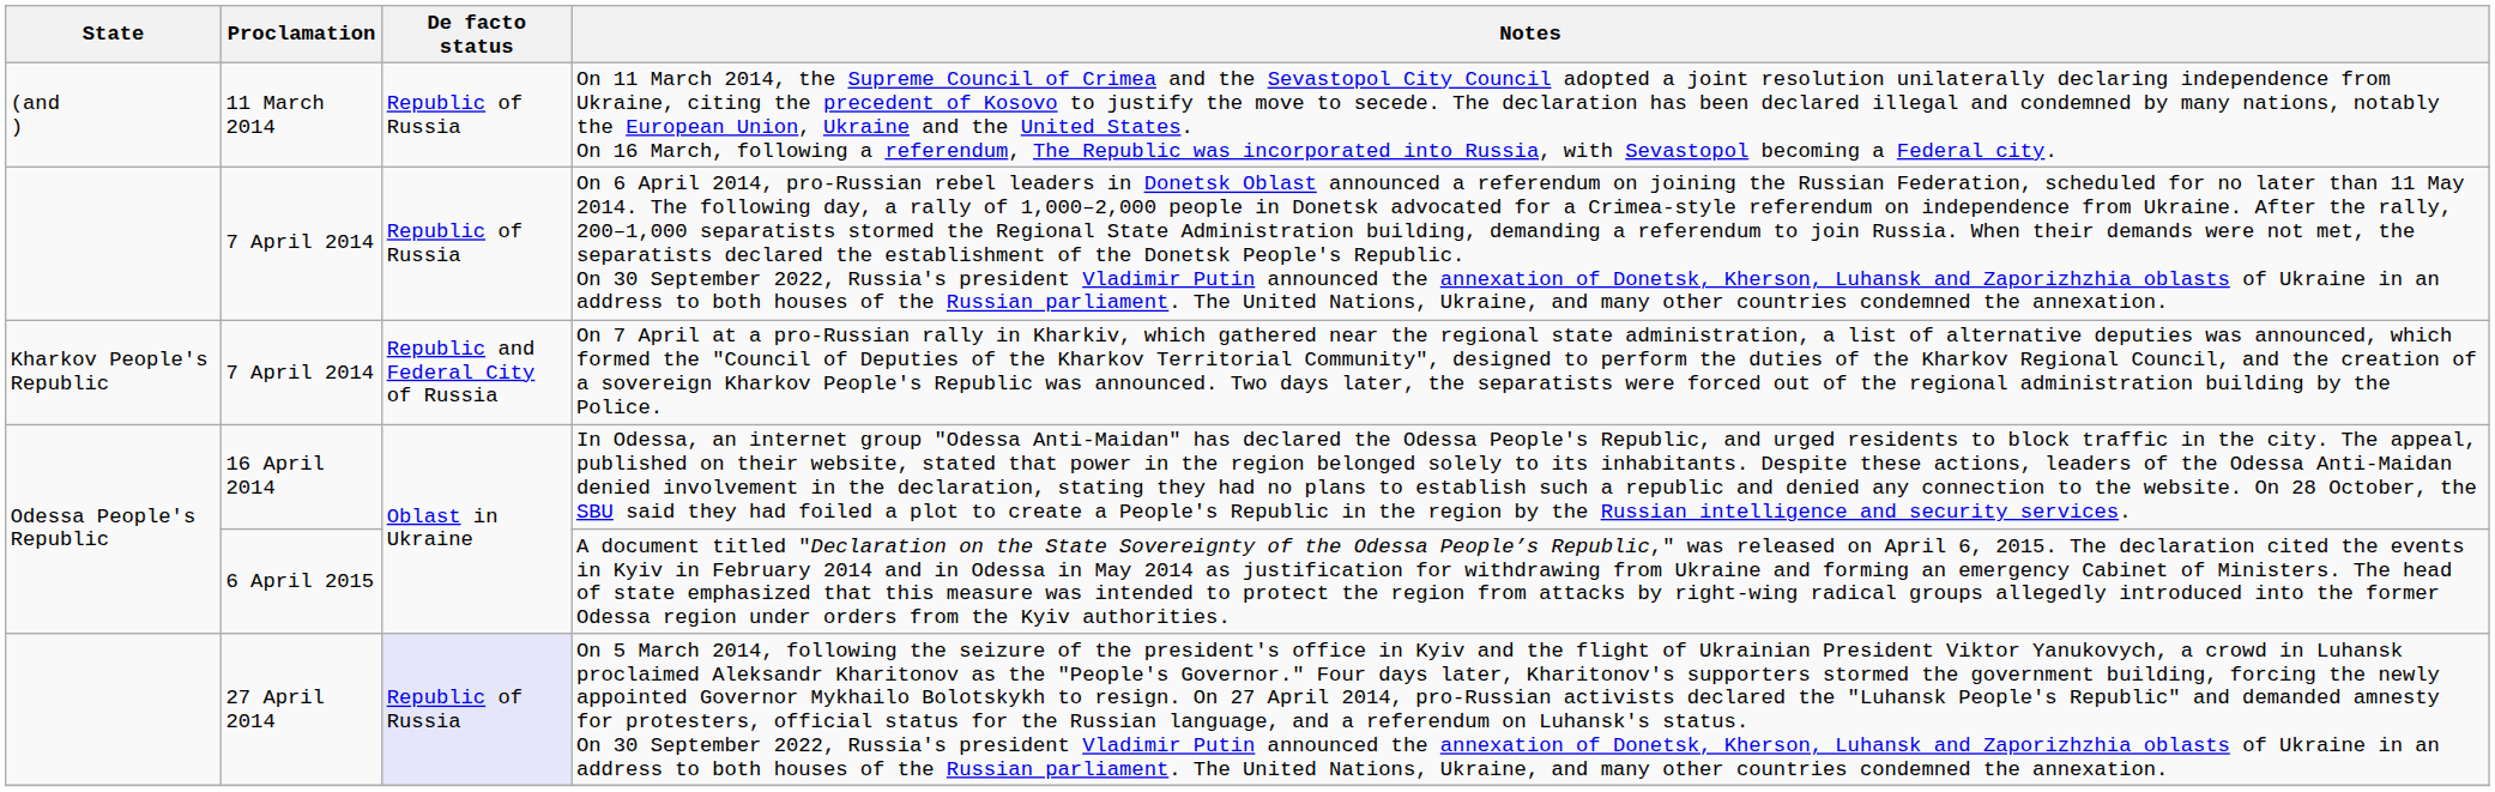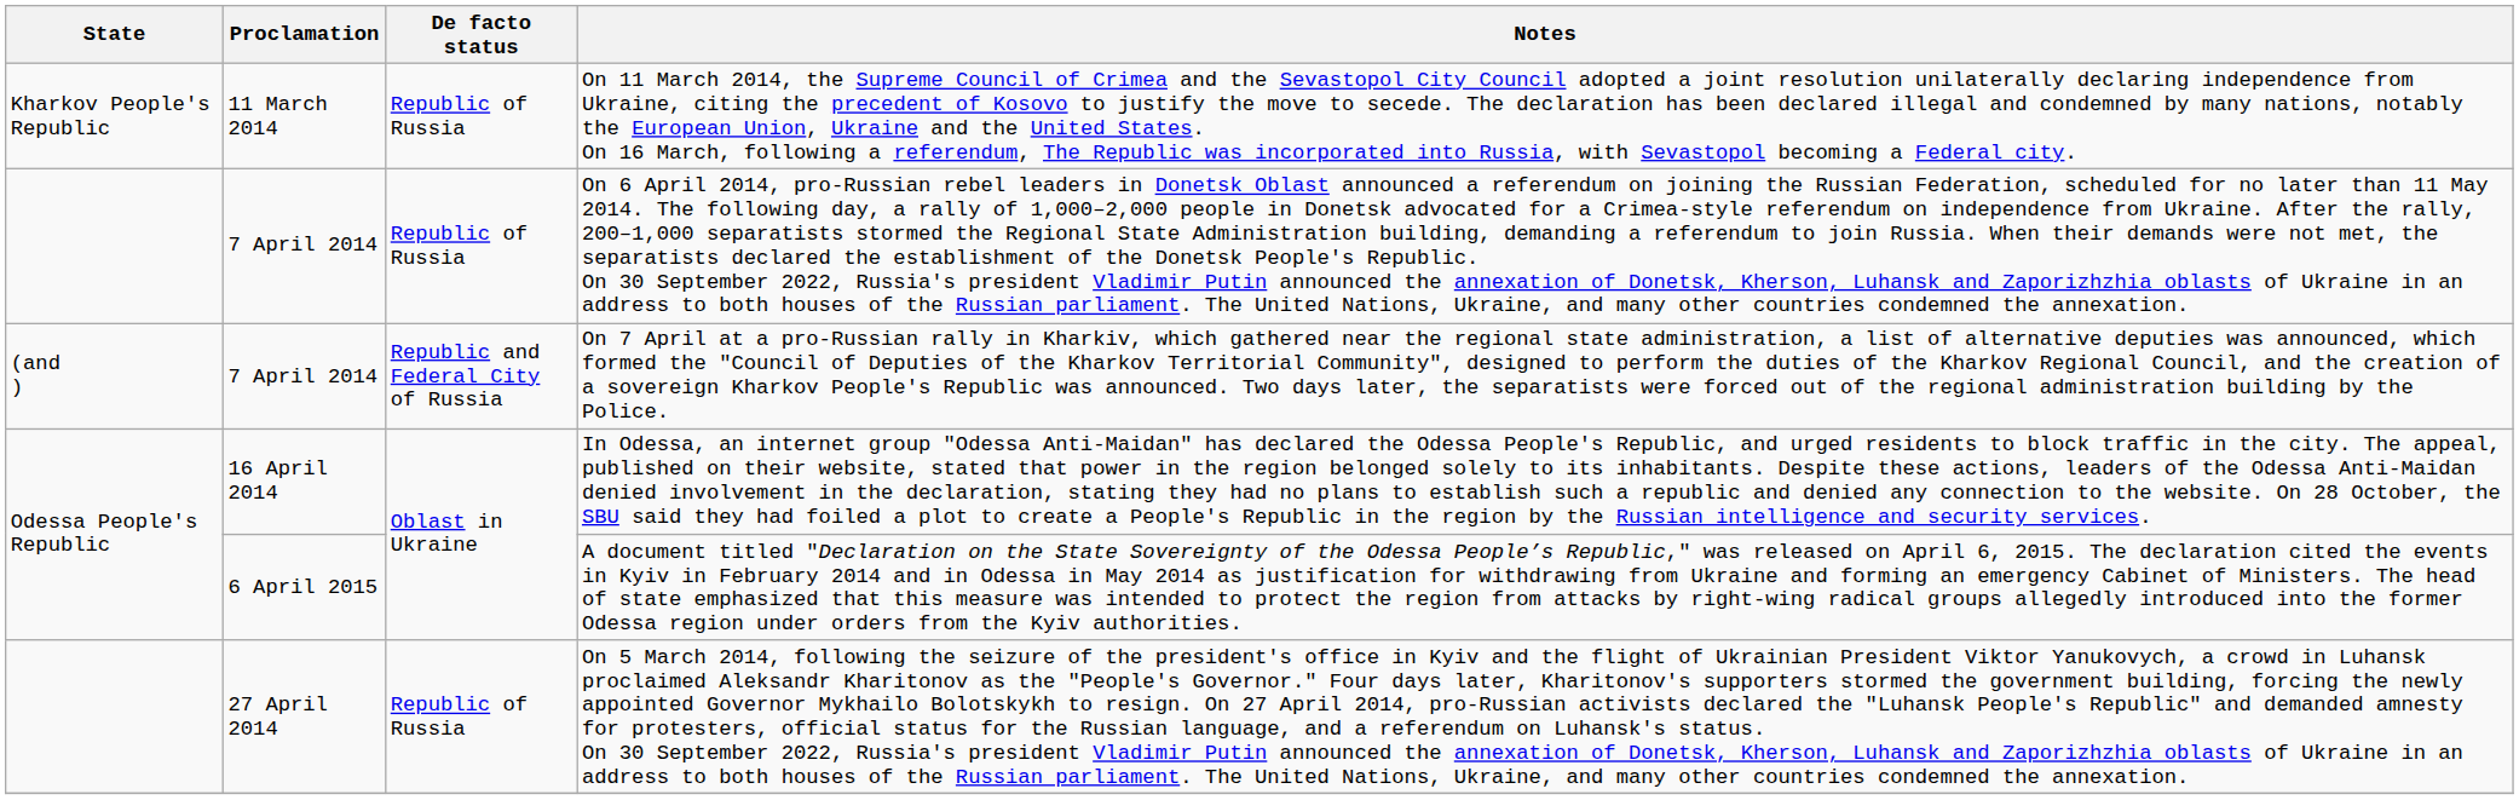 <table class="wikitable sortable">
 <tr>
 <th scope="col" width="130">State</th>
 <th>Proclamation</th>
 <th>De facto status</th>
 <th class=unsortable>Notes</th>
 </tr>
 <tr>
-<td> (and<br>)</td>
+<td> Kharkov People's Republic</td>
 <td>11 March 2014</td>
 <td><a href='#'>Republic</a> of Russia</td>
 <td>On 11 March 2014, the <a href='#'>Supreme Council of Crimea</a> and the <a href='#'>Sevastopol City Council</a> adopted a joint resolution unilaterally declaring independence from Ukraine, citing the <a href='#'>precedent of Kosovo</a> to justify the move to secede. The declaration has been declared illegal and condemned by many nations, notably the <a href='#'>European Union</a>, <a href='#'>Ukraine</a> and the <a href='#'>United States</a>.<br>On 16 March, following a <a href='#'>referendum</a>, <a href='#'>The Republic was incorporated into Russia</a>, with <a href='#'>Sevastopol</a> becoming a <a href='#'>Federal city</a>.</td>
 </tr>
 <tr>
 <td></td>
 <td>7 April 2014</td>
 <td><a href='#'>Republic</a> of Russia</td>
 <td>On 6 April 2014, pro-Russian rebel leaders in <a href='#'>Donetsk Oblast</a> announced a referendum on joining the Russian Federation, scheduled for no later than 11 May 2014. The following day, a rally of 1,000–2,000 people in Donetsk advocated for a Crimea-style referendum on independence from Ukraine. After the rally,  200–1,000 separatists stormed the Regional State Administration building, demanding a referendum to join Russia. When their demands were not met, the separatists declared the establishment of the Donetsk People's Republic.<br>On 30 September 2022, Russia's president <a href='#'>Vladimir Putin</a> announced the <a href='#'>annexation of Donetsk, Kherson, Luhansk and Zaporizhzhia oblasts</a> of Ukraine in an address to both houses of the <a href='#'>Russian parliament</a>. The United Nations, Ukraine, and many other countries condemned the annexation.</td>
 </tr>
 <tr>
-<td> Kharkov People's Republic</td>
+<td> (and<br>)</td>
 <td>7 April 2014</td>
 <td><a href='#'>Republic</a> and <a href='#'>Federal City</a> of Russia</td>
 <td>On 7 April at a pro-Russian rally in Kharkiv, which gathered near the regional state administration, a list of alternative deputies was announced, which formed the "Council of Deputies of the Kharkov Territorial Community", designed to perform the duties of the Kharkov Regional Council, and the creation of a sovereign Kharkov People's Republic was announced. Two days later, the separatists were forced out of the regional administration building by the Police.</td>
 </tr>
 <tr>
 <td rowspan="2"> Odessa People's Republic</td>
 <td>16 April 2014</td>
 <td rowspan="2"><a href='#'>Oblast</a> in Ukraine</td>
 <td>In Odessa, an internet group "Odessa Anti-Maidan" has declared the Odessa People's Republic, and urged residents to block traffic in the city. The appeal, published on their website, stated that power in the region belonged solely to its inhabitants. Despite these actions, leaders of the Odessa Anti-Maidan denied involvement in the declaration, stating they had no plans to establish such a republic and denied any connection to the website. On 28 October, the <a href='#'>SBU</a> said they had foiled a plot to create a People's Republic in the region by the <a href='#'>Russian intelligence and security services</a>.</td>
 </tr>
 <tr>
 <td>6 April 2015</td>
 <td>A document titled "<em>Declaration on the State Sovereignty of the Odessa People’s Republic</em>," was released on April 6, 2015. The declaration cited the events in Kyiv in February 2014 and in Odessa in May 2014 as justification for withdrawing from Ukraine and forming an emergency Cabinet of Ministers. The head of state emphasized that this measure was intended to protect the region from attacks by right-wing radical groups allegedly introduced into the former Odessa region under orders from the Kyiv authorities.</td>
 </tr>
 <tr>
 <td></td>
 <td>27 April 2014</td>
-<td style="background: lavender;"><a href='#'>Republic</a> of Russia</td>
+<td><a href='#'>Republic</a> of Russia</td>
 <td>On 5 March 2014, following the seizure of the president's office in Kyiv and the flight of Ukrainian President Viktor Yanukovych, a crowd in Luhansk proclaimed Aleksandr Kharitonov as the "People's Governor." Four days later, Kharitonov's supporters stormed the government building, forcing the newly appointed Governor Mykhailo Bolotskykh to resign. On 27 April 2014, pro-Russian activists declared the "Luhansk People's Republic" and demanded amnesty for protesters, official status for the Russian language, and a referendum on Luhansk's status.<br>On 30 September 2022, Russia's president <a href='#'>Vladimir Putin</a> announced the <a href='#'>annexation of Donetsk, Kherson, Luhansk and Zaporizhzhia oblasts</a> of Ukraine in an address to both houses of the <a href='#'>Russian parliament</a>. The United Nations, Ukraine, and many other countries condemned the annexation.</td>
 </tr>
 <tr>
 </tr>
 </table>
